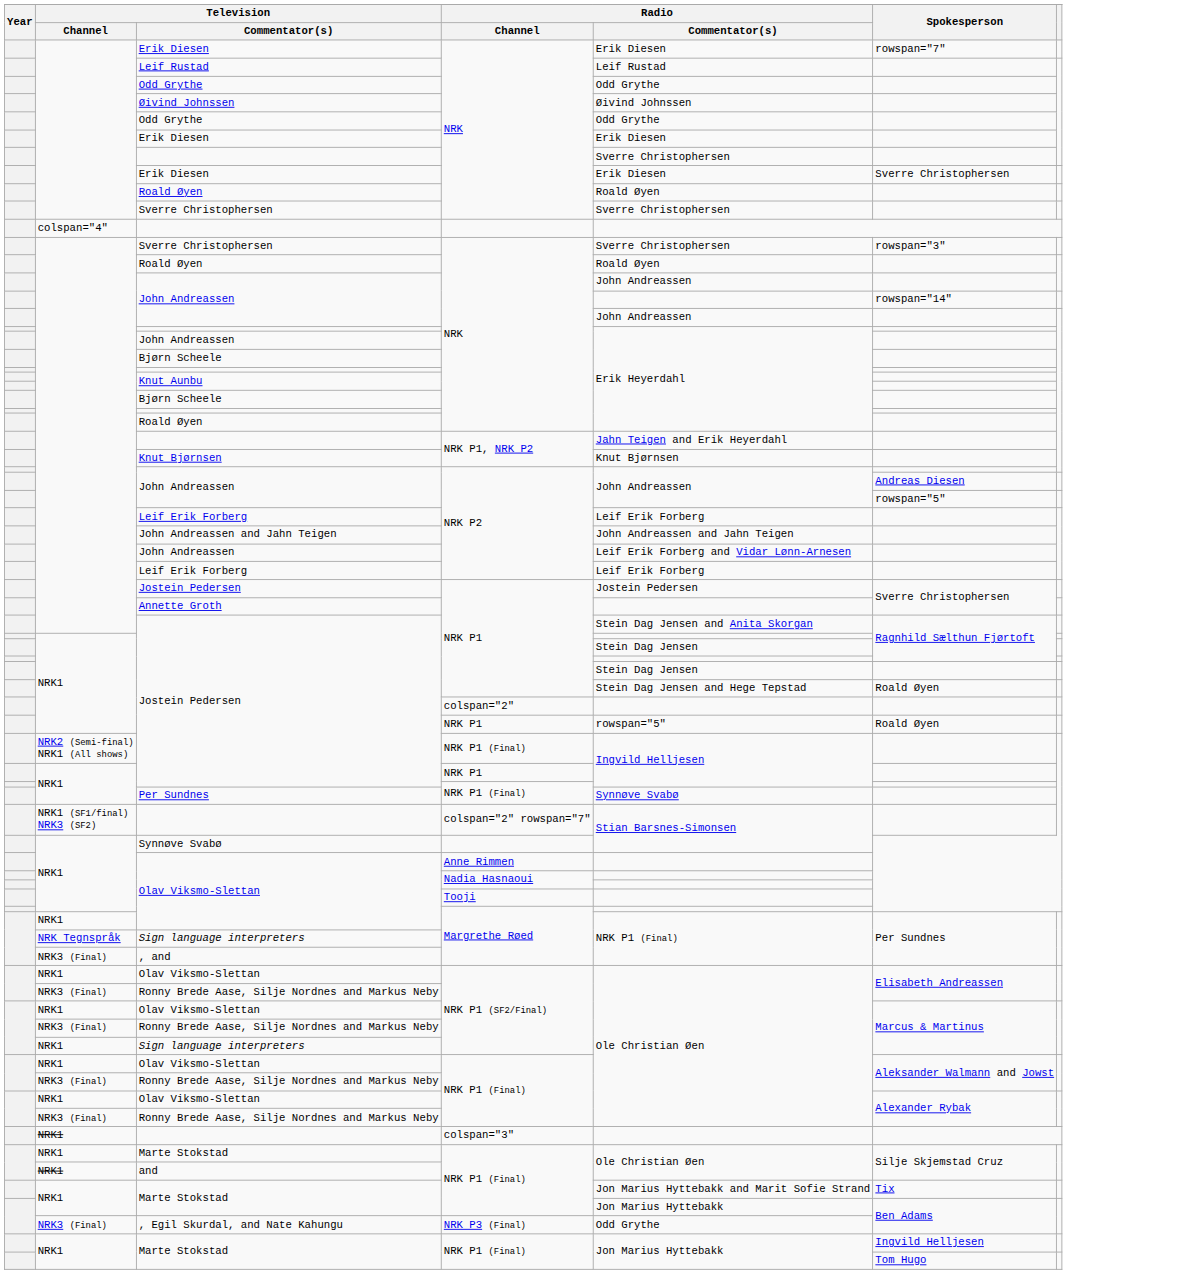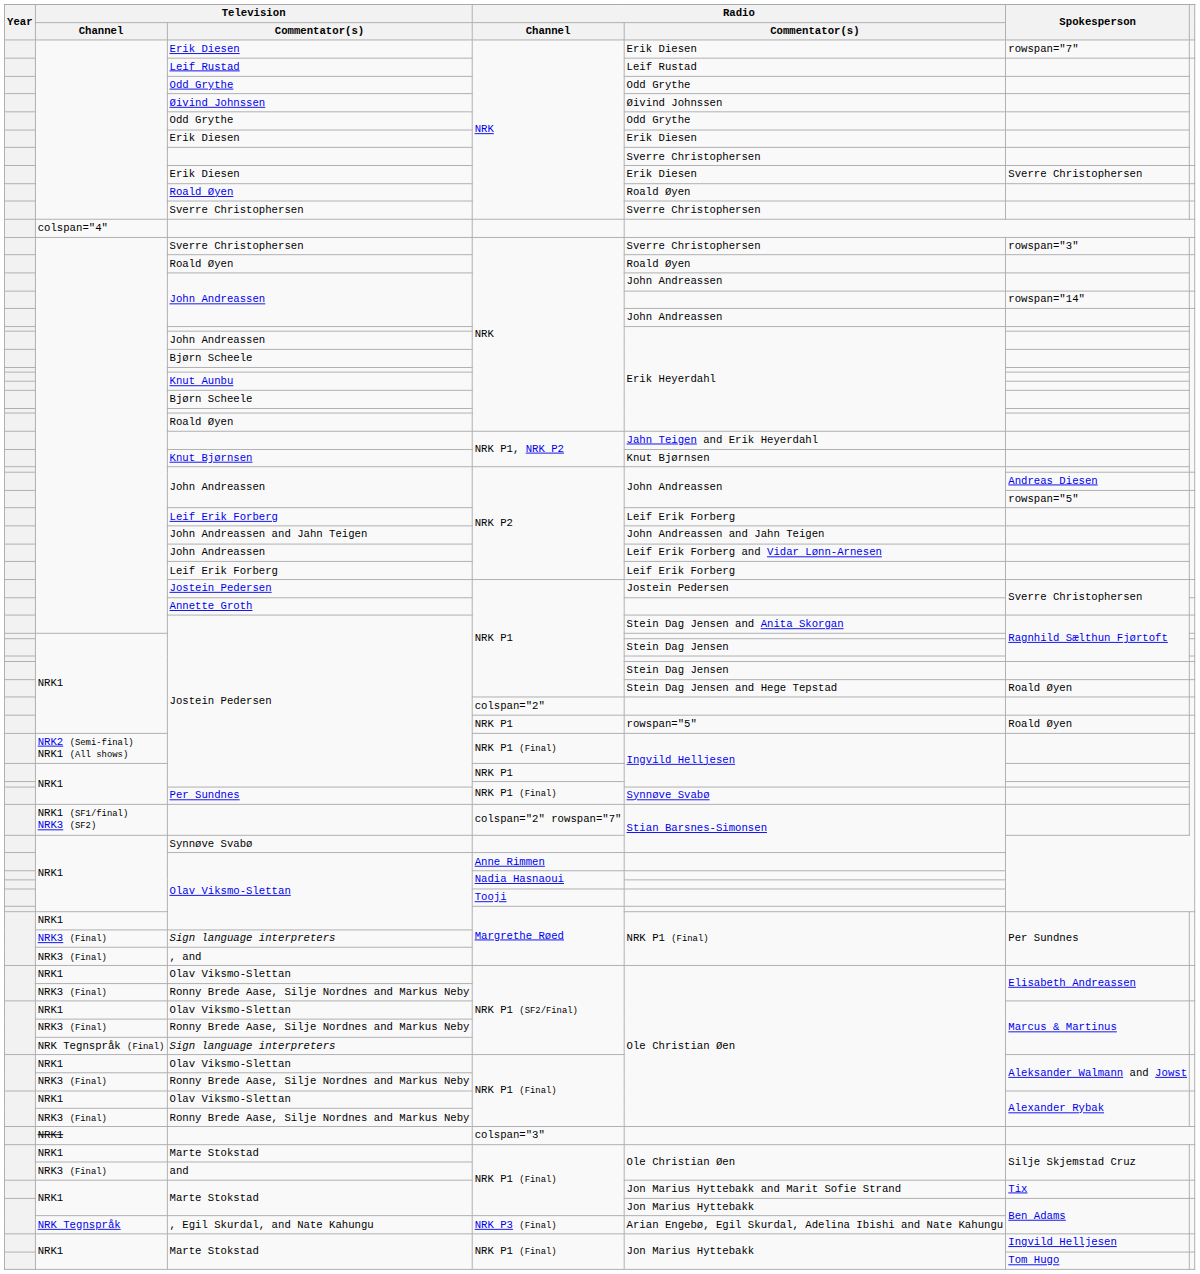 <table class="wikitable plainrowheaders sticky-header" style="font-size:90%; text-align:left;">
 <tr>
 </tr>
 <tr>
 <th rowspan="2">Year</th>
 <th colspan="2">Television</th>
 <th colspan="2">Radio</th>
 <th rowspan="2">Spokesperson</th>
 <th rowspan="2" class="unsortable"></th>
 </tr>
 <tr>
 <th>Channel</th>
 <th>Commentator(s)</th>
 <th>Channel</th>
 <th>Commentator(s)</th>
 </tr>
 <tr>
 <th scope="row"></th>
 <td rowspan="10"></td>
 <td><a href='#'>Erik Diesen</a></td>
 <td rowspan="10"><a href='#'>NRK</a></td>
 <td>Erik Diesen</td>
 <td>rowspan="7" </td>
 <td style="text-align:center"></td>
 </tr>
 <tr>
 <th scope="row"></th>
 <td><a href='#'>Leif Rustad</a></td>
 <td>Leif Rustad</td>
 <td style="text-align:center"></td>
 </tr>
 <tr>
 <th scope="row"></th>
 <td><a href='#'>Odd Grythe</a></td>
 <td>Odd Grythe</td>
 <td style="text-align:center"></td>
 </tr>
 <tr>
 <th scope="row"></th>
 <td><a href='#'>Øivind Johnssen</a></td>
 <td>Øivind Johnssen</td>
 <td style="text-align:center"></td>
 </tr>
 <tr>
 <th scope="row"></th>
 <td>Odd Grythe</td>
 <td>Odd Grythe</td>
 <td style="text-align:center"></td>
 </tr>
 <tr>
 <th scope="row"></th>
 <td>Erik Diesen</td>
 <td>Erik Diesen</td>
 <td style="text-align:center"></td>
 </tr>
 <tr>
 <th scope="row"></th>
 <td></td>
 <td>Sverre Christophersen</td>
 <td style="text-align:center"></td>
 </tr>
 <tr>
 <th scope="row"></th>
 <td>Erik Diesen</td>
 <td>Erik Diesen</td>
 <td>Sverre Christophersen</td>
 <td style="text-align:center"></td>
 </tr>
 <tr>
 <th scope="row"></th>
 <td><a href='#'>Roald Øyen</a></td>
 <td>Roald Øyen</td>
 <td></td>
 <td style="text-align:center"></td>
 </tr>
 <tr>
 <th scope="row"></th>
 <td>Sverre Christophersen</td>
 <td>Sverre Christophersen</td>
 <td></td>
 <td style="text-align:center"></td>
 </tr>
 <tr>
 <th scope="row"></th>
 <td>colspan="4" </td>
 <td></td>
 <td></td>
 </tr>
 <tr>
 <th scope="row"></th>
 <td rowspan="26"></td>
 <td>Sverre Christophersen</td>
 <td rowspan="14">NRK</td>
 <td>Sverre Christophersen</td>
 <td>rowspan="3" </td>
 <td style="text-align:center"></td>
 </tr>
 <tr>
 <th scope="row"></th>
 <td>Roald Øyen</td>
 <td>Roald Øyen</td>
 <td style="text-align:center"></td>
 </tr>
 <tr>
 <th scope="row"></th>
 <td rowspan="3"><a href='#'>John Andreassen</a></td>
 <td>John Andreassen</td>
 <td style="text-align:center"></td>
 </tr>
 <tr>
 <th scope="row"></th>
 <td></td>
 <td>rowspan="14" </td>
 <td style="text-align:center"></td>
 </tr>
 <tr>
 <th scope="row"></th>
 <td>John Andreassen</td>
 <td style="text-align:center"></td>
 </tr>
 <tr>
 <th scope="row"></th>
 <td></td>
 <td rowspan="9">Erik Heyerdahl</td>
 <td style="text-align:center"></td>
 </tr>
 <tr>
 <th scope="row"></th>
 <td>John Andreassen</td>
 <td style="text-align:center"></td>
 </tr>
 <tr>
 <th scope="row"></th>
 <td>Bjørn Scheele</td>
 <td style="text-align:center"></td>
 </tr>
 <tr>
 <th scope="row"></th>
 <td></td>
 <td style="text-align:center"></td>
 </tr>
 <tr>
 <th scope="row"></th>
 <td rowspan="2"><a href='#'>Knut Aunbu</a></td>
 <td style="text-align:center"></td>
 </tr>
 <tr>
 <th scope="row"></th>
 <td style="text-align:center"></td>
 </tr>
 <tr>
 <th scope="row"></th>
 <td>Bjørn Scheele</td>
 <td style="text-align:center"></td>
 </tr>
 <tr>
 <th scope="row"></th>
 <td></td>
 <td style="text-align:center"></td>
 </tr>
 <tr>
 <th scope="row"></th>
 <td>Roald Øyen</td>
 <td style="text-align:center"></td>
 </tr>
 <tr>
 <th scope="row"></th>
 <td></td>
 <td rowspan="2">NRK P1, <a href='#'>NRK P2</a></td>
 <td><a href='#'>Jahn Teigen</a> and Erik Heyerdahl</td>
 <td style="text-align:center"></td>
 </tr>
 <tr>
 <th scope="row"></th>
 <td><a href='#'>Knut Bjørnsen</a></td>
 <td>Knut Bjørnsen</td>
 <td style="text-align:center"></td>
 </tr>
 <tr>
 <th scope="row"></th>
 <td rowspan="3">John Andreassen</td>
 <td rowspan="7">NRK P2</td>
 <td rowspan="3">John Andreassen</td>
 <td style="text-align:center"></td>
 </tr>
 <tr>
 <th scope="row"></th>
 <td><a href='#'>Andreas Diesen</a></td>
 <td style="text-align:center"></td>
 </tr>
 <tr>
 <th scope="row"></th>
 <td>rowspan="5" </td>
 <td style="text-align:center"></td>
 </tr>
 <tr>
 <th scope="row"></th>
 <td><a href='#'>Leif Erik Forberg</a></td>
 <td>Leif Erik Forberg</td>
 <td style="text-align:center"></td>
 </tr>
 <tr>
 <th scope="row"></th>
 <td>John Andreassen and Jahn Teigen</td>
 <td>John Andreassen and Jahn Teigen</td>
 <td style="text-align:center"></td>
 </tr>
 <tr>
 <th scope="row"></th>
 <td>John Andreassen</td>
 <td>Leif Erik Forberg and <a href='#'>Vidar Lønn-Arnesen</a></td>
 <td style="text-align:center"></td>
 </tr>
 <tr>
 <th scope="row"></th>
 <td>Leif Erik Forberg</td>
 <td>Leif Erik Forberg</td>
 <td style="text-align:center"></td>
 </tr>
 <tr>
 <th scope="row"></th>
 <td><a href='#'>Jostein Pedersen</a></td>
 <td rowspan="8">NRK P1</td>
 <td>Jostein Pedersen</td>
 <td rowspan="2">Sverre Christophersen</td>
 <td style="text-align:center"></td>
 </tr>
 <tr>
 <th scope="row"></th>
 <td><a href='#'>Annette Groth</a></td>
 <td></td>
 <td style="text-align:center"></td>
 </tr>
 <tr>
 <th scope="row"></th>
 <td rowspan="11">Jostein Pedersen</td>
 <td>Stein Dag Jensen and <a href='#'>Anita Skorgan</a></td>
 <td rowspan="4"><a href='#'>Ragnhild Sælthun Fjørtoft</a></td>
 <td style="text-align:center"></td>
 </tr>
 <tr>
 <th scope="row"></th>
 <td rowspan="7">NRK1</td>
 <td></td>
 <td style="text-align:center"></td>
 </tr>
 <tr>
 <th scope="row"></th>
 <td>Stein Dag Jensen</td>
 <td style="text-align:center"></td>
 </tr>
 <tr>
 <th scope="row"></th>
 <td></td>
 <td style="text-align:center"></td>
 </tr>
 <tr>
 <th scope="row"></th>
 <td>Stein Dag Jensen</td>
 <td></td>
 <td style="text-align:center"></td>
 </tr>
 <tr>
 <th scope="row"></th>
 <td>Stein Dag Jensen and Hege Tepstad</td>
 <td>Roald Øyen</td>
 <td style="text-align:center"></td>
 </tr>
 <tr>
 <th scope="row"></th>
 <td>colspan="2" </td>
 <td></td>
 <td style="text-align:center"></td>
 </tr>
 <tr>
 <th scope="row"></th>
 <td>NRK P1</td>
 <td>rowspan="5" </td>
 <td>Roald Øyen</td>
 <td style="text-align:center"></td>
 </tr>
 <tr>
 <th scope="row"></th>
 <td><a href='#'>NRK2</a> <small>(Semi-final)</small><br> NRK1 <small>(All shows)</small></td>
 <td>NRK P1 <small>(Final)</small></td>
 <td rowspan="3"><a href='#'>Ingvild Helljesen</a></td>
 <td style="text-align:center"></td>
 </tr>
 <tr>
 <th scope="row"></th>
 <td rowspan="3">NRK1</td>
 <td>NRK P1</td>
 <td style="text-align:center"></td>
 </tr>
 <tr>
 <th scope="row"></th>
 <td rowspan="2">NRK P1 <small>(Final)</small></td>
 <td style="text-align:center"></td>
 </tr>
 <tr>
 <th scope="row"></th>
 <td><a href='#'>Per Sundnes</a></td>
 <td><a href='#'>Synnøve Svabø</a></td>
 <td style="text-align:center"></td>
 </tr>
 <tr>
 <th scope="row"></th>
 <td>NRK1 <small>(SF1/final)</small><br> <a href='#'>NRK3</a> <small>(SF2)</small></td>
 <td></td>
 <td>colspan="2" rowspan="7" </td>
 <td rowspan="2"><a href='#'>Stian Barsnes-Simonsen</a></td>
 <td style="text-align:center"></td>
 </tr>
 <tr>
 <th scope="row"></th>
 <td rowspan="6">NRK1</td>
 <td>Synnøve Svabø</td>
 <td style="text-align:center"></td>
 </tr>
 <tr>
 <th scope="row"></th>
 <td rowspan="6"><a href='#'>Olav Viksmo-Slettan</a></td>
 <td><a href='#'>Anne Rimmen</a></td>
 <td style="text-align:center"></td>
 </tr>
 <tr>
 <th scope="row"></th>
 <td rowspan="2"><a href='#'>Nadia Hasnaoui</a></td>
 <td style="text-align:center"></td>
 </tr>
 <tr>
 <th scope="row"></th>
 <td style="text-align:center"></td>
 </tr>
 <tr>
 <th scope="row"></th>
 <td><a href='#'>Tooji</a></td>
 <td style="text-align:center"></td>
 </tr>
 <tr>
 <th scope="row"></th>
 <td rowspan="4"><a href='#'>Margrethe Røed</a></td>
 <td style="text-align:center"></td>
 </tr>
 <tr>
 <th scope="row" rowspan="3"></th>
 <td>NRK1</td>
 <td rowspan="3">NRK P1 <small>(Final)</small></td>
 <td rowspan="3">Per Sundnes</td>
 <td style="text-align:center" rowspan="3"></td>
 </tr>
 <tr>
-<td><a href='#'>NRK Tegnspråk</a></td>
+<td><a href='#'>NRK3</a> <small>(Final)</small></td>
 <td><em>Sign language interpreters</em></td>
 </tr>
 <tr>
 <td>NRK3 <small>(Final)</small></td>
 <td>,  and </td>
 </tr>
 <tr>
 <th scope="row" rowspan="2"></th>
 <td>NRK1</td>
 <td>Olav Viksmo-Slettan</td>
 <td rowspan="5">NRK P1 <small>(SF2/Final)</small></td>
 <td rowspan="9">Ole Christian Øen</td>
 <td rowspan="2"><a href='#'>Elisabeth Andreassen</a></td>
 <td style="text-align:center" rowspan="2"></td>
 </tr>
 <tr>
 <td>NRK3 <small>(Final)</small></td>
 <td>Ronny Brede Aase, Silje Nordnes and Markus Neby</td>
 </tr>
 <tr>
 <th scope="row" rowspan="3"></th>
 <td>NRK1</td>
 <td>Olav Viksmo-Slettan</td>
 <td rowspan="3"><a href='#'>Marcus & Martinus</a></td>
 <td style="text-align:center" rowspan="3"></td>
 </tr>
 <tr>
 <td>NRK3 <small>(Final)</small></td>
 <td>Ronny Brede Aase, Silje Nordnes and Markus Neby</td>
 </tr>
 <tr>
-<td>NRK1</td>
+<td>NRK Tegnspråk <small>(Final)</small></td>
 <td><em>Sign language interpreters</em></td>
 </tr>
 <tr>
 <th scope="row" rowspan="2"></th>
 <td>NRK1</td>
 <td>Olav Viksmo-Slettan</td>
 <td rowspan="4">NRK P1 <small>(Final)</small></td>
 <td rowspan="2"><a href='#'>Aleksander Walmann</a> and <a href='#'>Jowst</a></td>
 <td style="text-align:center" rowspan="2"></td>
 </tr>
 <tr>
 <td>NRK3 <small>(Final)</small></td>
 <td>Ronny Brede Aase, Silje Nordnes and Markus Neby</td>
 </tr>
 <tr>
 <th scope="row" rowspan="2"></th>
 <td>NRK1</td>
 <td>Olav Viksmo-Slettan</td>
 <td rowspan="2"><a href='#'>Alexander Rybak</a></td>
 <td style="text-align:center" rowspan="2"></td>
 </tr>
 <tr>
 <td>NRK3 <small>(Final)</small></td>
 <td>Ronny Brede Aase, Silje Nordnes and Markus Neby</td>
 </tr>
 <tr>
 <th scope="row"><s></s></th>
 <td><s>NRK1</s></td>
 <td><s></s></td>
 <td>colspan="3" </td>
 <td style="text-align:center"></td>
 </tr>
 <tr>
 <th scope="row" rowspan="2"></th>
 <td>NRK1</td>
 <td>Marte Stokstad</td>
 <td rowspan="4">NRK P1 <small>(Final)</small></td>
 <td rowspan="2">Ole Christian Øen</td>
 <td rowspan="2">Silje Skjemstad Cruz</td>
 <td style="text-align:center" rowspan="2"></td>
 </tr>
 <tr>
-<td><s>NRK1</s></td>
+<td>NRK3 <small>(Final)</small></td>
 <td> and </td>
 </tr>
 <tr>
 <th scope="row"></th>
 <td rowspan="2">NRK1</td>
 <td rowspan="2">Marte Stokstad</td>
 <td>Jon Marius Hyttebakk and Marit Sofie Strand</td>
 <td><a href='#'>Tix</a></td>
 <td style="text-align:center"></td>
 </tr>
 <tr>
 <th scope="row" rowspan="2"></th>
 <td>Jon Marius Hyttebakk</td>
 <td rowspan="2"><a href='#'>Ben Adams</a></td>
 <td style="text-align:center" rowspan="2"></td>
 </tr>
 <tr>
-<td><a href='#'>NRK3</a> <small>(Final)</small></td>
+<td><a href='#'>NRK Tegnspråk</a></td>
 <td>, Egil Skurdal,  and Nate Kahungu</td>
 <td><a href='#'>NRK P3</a> <small>(Final)</small></td>
-<td>Odd Grythe</td>
+<td>Arian Engebø, Egil Skurdal, Adelina Ibishi and Nate Kahungu</td>
 </tr>
 <tr>
 <th scope="row"></th>
 <td rowspan="2">NRK1</td>
 <td rowspan="2">Marte Stokstad</td>
 <td rowspan="2">NRK P1 <small>(Final)</small></td>
 <td rowspan="2">Jon Marius Hyttebakk</td>
 <td><a href='#'>Ingvild Helljesen</a></td>
 <td style="text-align:center"></td>
 </tr>
 <tr>
 <th scope="row"></th>
 <td><a href='#'>Tom Hugo</a></td>
 <td style="text-align:center"></td>
 </tr>
 </table>
